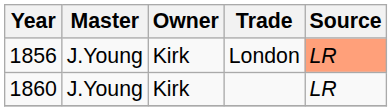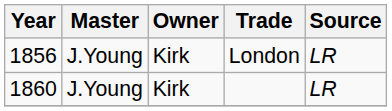 <table class="sortable wikitable">
 <tr>
 <th>Year</th>
 <th>Master</th>
 <th>Owner</th>
 <th>Trade</th>
 <th>Source</th>
 </tr>
 <tr>
 <td>1856</td>
 <td>J.Young</td>
 <td>Kirk</td>
 <td>London</td>
-<td style="background: lightsalmon;"><em>LR</em></td>
+<td><em>LR</em></td>
 </tr>
 <tr>
 <td>1860</td>
 <td>J.Young</td>
 <td>Kirk</td>
 <td></td>
 <td><em>LR</em></td>
 </tr>
 <tr>
 </tr>
 </table>
